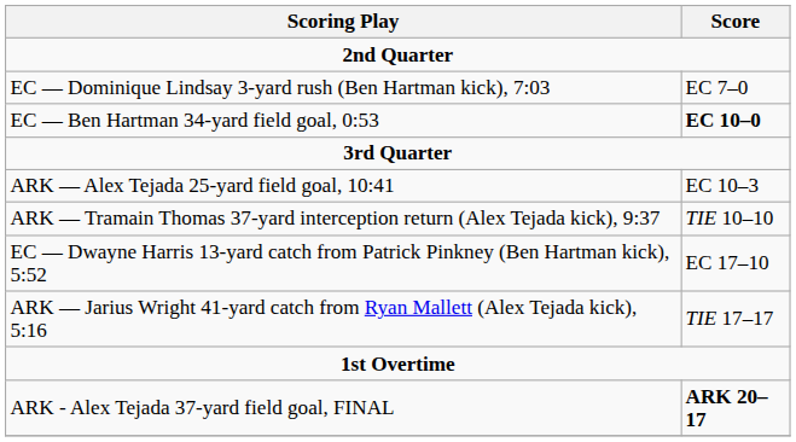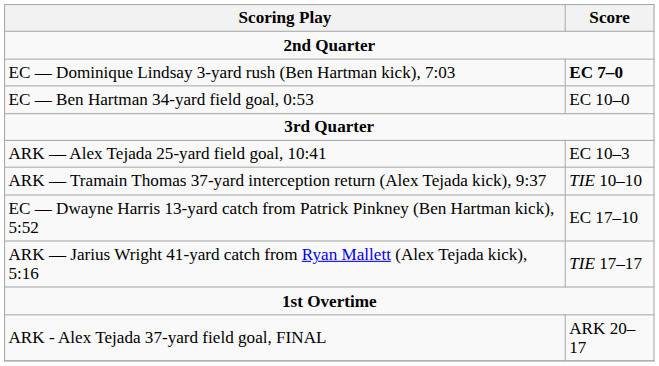 <table class="wikitable">
 <tr>
 <th>Scoring Play</th>
 <th>Score</th>
 </tr>
 <tr>
 <td colspan="4" align="center"><strong>2nd Quarter</strong></td>
 </tr>
 <tr>
 <td>EC — Dominique Lindsay 3-yard rush (Ben Hartman kick), 7:03</td>
-<td>EC 7–0</td>
+<td><strong>EC 7–0</strong></td>
 </tr>
 <tr>
 <td>EC — Ben Hartman 34-yard field goal, 0:53</td>
-<td><strong>EC 10–0</strong></td>
+<td>EC 10–0</td>
 </tr>
 <tr>
 <td colspan="4" align="center"><strong>3rd Quarter</strong></td>
 </tr>
 <tr>
 <td>ARK — Alex Tejada 25-yard field goal, 10:41</td>
 <td>EC 10–3</td>
 </tr>
 <tr>
 <td>ARK — Tramain Thomas 37-yard interception return (Alex Tejada kick), 9:37</td>
 <td><em>TIE</em> 10–10</td>
 </tr>
 <tr>
 <td>EC — Dwayne Harris 13-yard catch from Patrick Pinkney (Ben Hartman kick), 5:52</td>
 <td>EC 17–10</td>
 </tr>
 <tr>
 <td>ARK — Jarius Wright 41-yard catch from <a href='#'>Ryan Mallett</a> (Alex Tejada kick), 5:16</td>
 <td><em>TIE</em> 17–17</td>
 </tr>
 <tr>
 <td colspan="4" align="center"><strong>1st Overtime</strong></td>
 </tr>
 <tr>
 <td>ARK - Alex Tejada 37-yard field goal, FINAL</td>
-<td><strong>ARK 20–17</strong></td>
+<td>ARK 20–17</td>
 </tr>
 <tr>
 </tr>
 </table>
